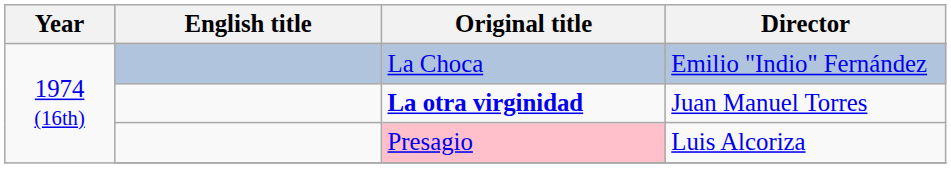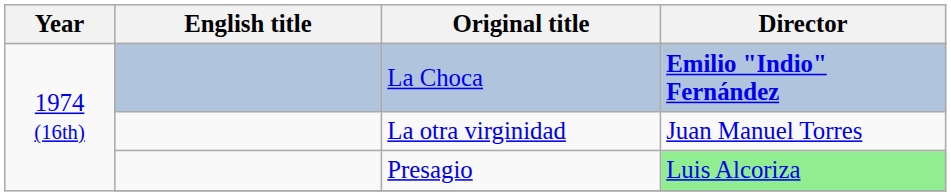 <table class="wikitable">
 <tr>
 <th width="100"><strong>Year</strong></th>
 <th width="300"><strong>English title</strong></th>
 <th width="300"><strong>Original title</strong></th>
 <th width="300"><strong>Director</strong></th>
 </tr>
 <tr>
 <td rowspan="6" style="text-align:center;"><a href='#'>1974</a><br><small><a href='#'>(16th)</a></small></td>
 </tr>
 <tr style="background:#B0C4DE;">
 <td></td>
 <td><a href='#'>La Choca</a></td>
-<td><a href='#'>Emilio "Indio" Fernández</a></td>
+<td><strong><a href='#'>Emilio "Indio" Fernández</a></strong></td>
 </tr>
 <tr>
 <td></td>
-<td><strong><a href='#'>La otra virginidad</a></strong></td>
+<td><a href='#'>La otra virginidad</a></td>
 <td><a href='#'>Juan Manuel Torres</a></td>
 </tr>
 <tr>
 <td></td>
-<td style="background: pink;"><a href='#'>Presagio</a></td>
-<td><a href='#'>Luis Alcoriza</a></td>
+<td><a href='#'>Presagio</a></td>
+<td style="background: lightgreen;"><a href='#'>Luis Alcoriza</a></td>
 </tr>
 <tr>
 </tr>
 </table>
